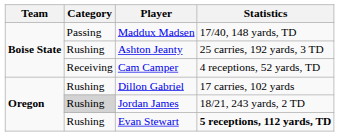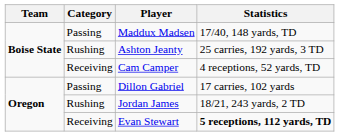 <table class="wikitable" style="float: right;">
 <tr>
 <th>Team</th>
 <th>Category</th>
 <th>Player</th>
 <th>Statistics</th>
 </tr>
 <tr>
 <td rowspan=3><strong>Boise State</strong></td>
 <td>Passing</td>
 <td><a href='#'>Maddux Madsen</a></td>
 <td>17/40, 148 yards, TD</td>
 </tr>
 <tr>
 <td>Rushing</td>
 <td><a href='#'>Ashton Jeanty</a></td>
 <td>25 carries, 192 yards, 3 TD</td>
 </tr>
 <tr>
 <td>Receiving</td>
 <td><a href='#'>Cam Camper</a></td>
 <td>4 receptions, 52 yards, TD</td>
 </tr>
 <tr>
 <td rowspan=3><strong>Oregon</strong></td>
-<td>Rushing</td>
+<td>Passing</td>
 <td><a href='#'>Dillon Gabriel</a></td>
 <td>17 carries, 102 yards</td>
 </tr>
 <tr>
-<td style="background: lightgrey;">Rushing</td>
+<td>Rushing</td>
 <td><a href='#'>Jordan James</a></td>
 <td>18/21, 243 yards, 2 TD</td>
 </tr>
 <tr>
-<td>Rushing</td>
+<td>Receiving</td>
 <td><a href='#'>Evan Stewart</a></td>
 <td><strong>5 receptions, 112 yards, TD</strong></td>
 </tr>
 </table>
